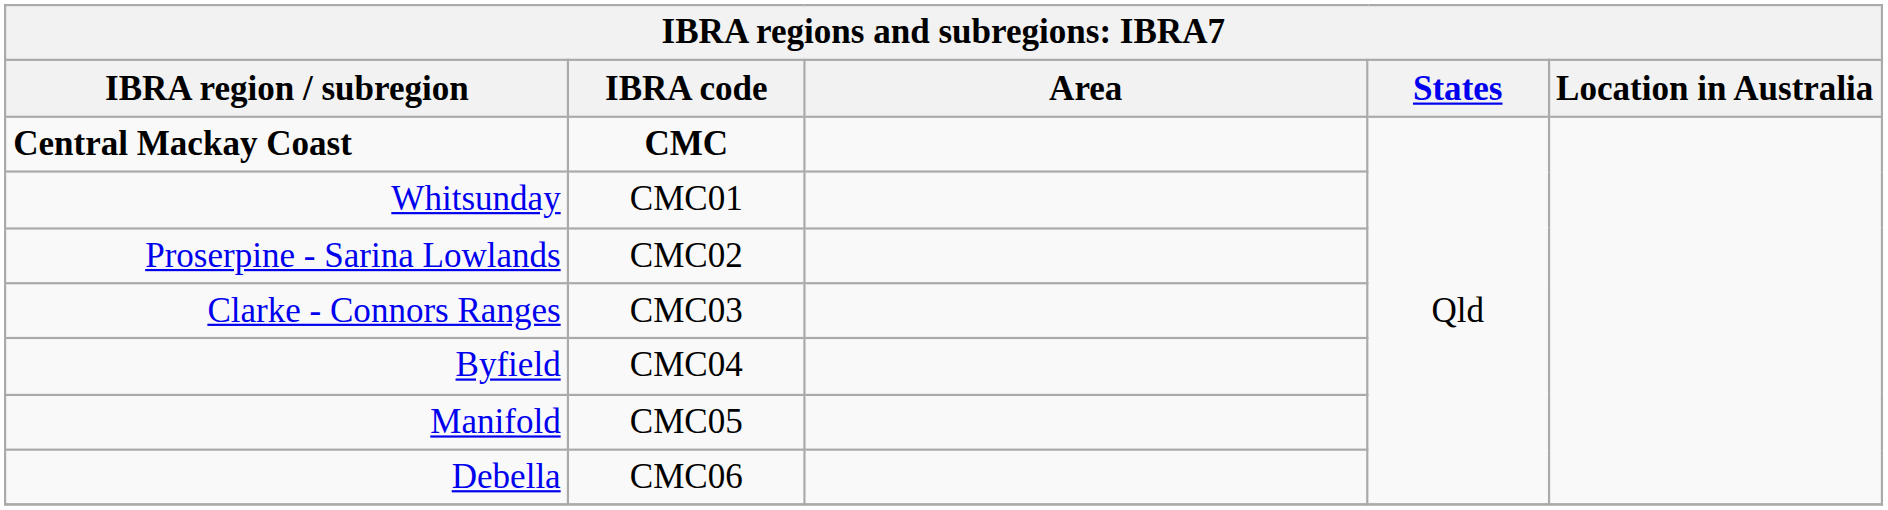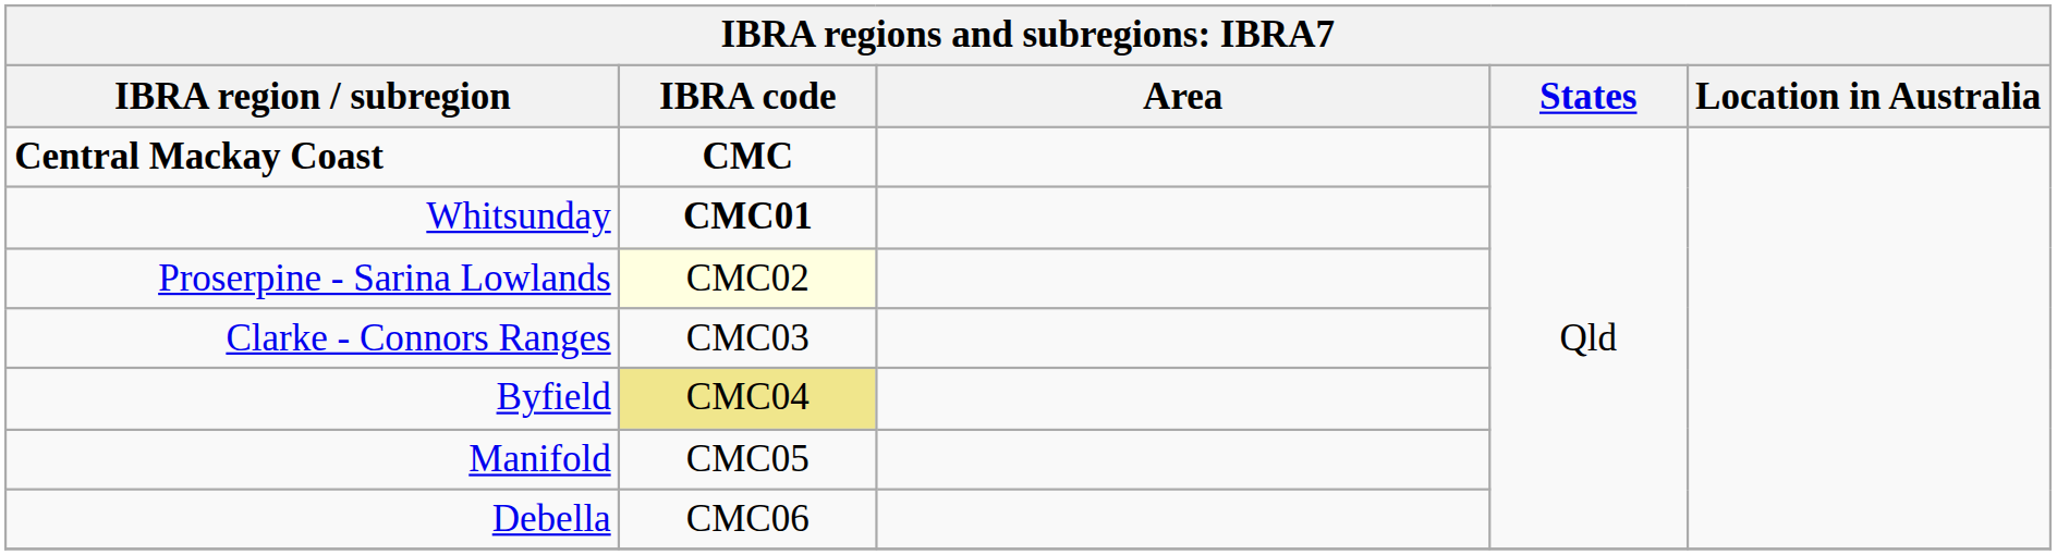 <table class="wikitable sortable">
 <tr>
 <th colspan=5>IBRA regions and subregions: IBRA7</th>
 </tr>
 <tr>
 <th scope="col" width="250px">IBRA region / subregion</th>
 <th scope="col" width="100px">IBRA code</th>
 <th scope="col" width="250px">Area</th>
 <th scope="col" width="75px"><a href='#'>States</a></th>
 <th>Location in Australia</th>
 </tr>
 <tr>
 <td><strong>Central Mackay Coast</strong></td>
 <td align="center"><strong>CMC</strong></td>
 <td align="right"><strong></strong></td>
 <td align="center" rowspan=7>Qld</td>
 <td align="center" rowspan=7></td>
 </tr>
 <tr>
 <td align="right"><a href='#'>Whitsunday</a></td>
-<td align="center">CMC01</td>
+<td align="center"><strong>CMC01</strong></td>
 <td align="right"></td>
 </tr>
 <tr>
 <td align="right"><a href='#'>Proserpine - Sarina Lowlands</a></td>
-<td align="center">CMC02</td>
+<td align="center" style="background: lightyellow;">CMC02</td>
 <td align="right"></td>
 </tr>
 <tr>
 <td align="right"><a href='#'>Clarke - Connors Ranges</a></td>
 <td align="center">CMC03</td>
 <td align="right"></td>
 </tr>
 <tr>
 <td align="right"><a href='#'>Byfield</a></td>
-<td align="center">CMC04</td>
+<td align="center" style="background: khaki;">CMC04</td>
 <td align="right"></td>
 </tr>
 <tr>
 <td align="right"><a href='#'>Manifold</a></td>
 <td align="center">CMC05</td>
 <td align="right"></td>
 </tr>
 <tr>
 <td align="right"><a href='#'>Debella</a></td>
 <td align="center">CMC06</td>
 <td align="right"></td>
 </tr>
 <tr>
 </tr>
 </table>
